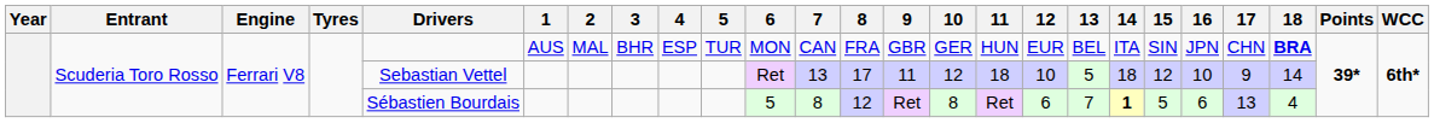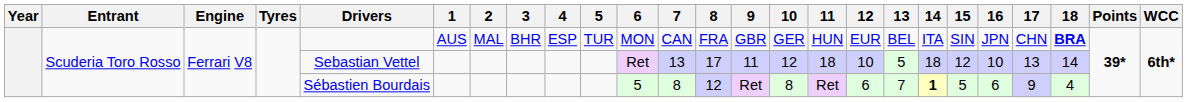 <table class="wikitable" style="text-align:center; font-size:95%">
 <tr>
 <th>Year</th>
 <th>Entrant</th>
 <th>Engine</th>
 <th>Tyres</th>
 <th>Drivers</th>
 <th>1</th>
 <th>2</th>
 <th>3</th>
 <th>4</th>
 <th>5</th>
 <th>6</th>
 <th>7</th>
 <th>8</th>
 <th>9</th>
 <th>10</th>
 <th>11</th>
 <th>12</th>
 <th>13</th>
 <th>14</th>
 <th>15</th>
 <th>16</th>
 <th>17</th>
 <th>18</th>
 <th>Points</th>
 <th>WCC</th>
 </tr>
 <tr>
 <th rowspan="3"></th>
 <td rowspan="3"><a href='#'>Scuderia Toro Rosso</a></td>
 <td rowspan="3"><a href='#'>Ferrari</a> <a href='#'>V8</a></td>
 <td rowspan="3"></td>
 <td></td>
 <td><a href='#'>AUS</a></td>
 <td><a href='#'>MAL</a></td>
 <td><a href='#'>BHR</a></td>
 <td><a href='#'>ESP</a></td>
 <td><a href='#'>TUR</a></td>
 <td><a href='#'>MON</a></td>
 <td><a href='#'>CAN</a></td>
 <td><a href='#'>FRA</a></td>
 <td><a href='#'>GBR</a></td>
 <td><a href='#'>GER</a></td>
 <td><a href='#'>HUN</a></td>
 <td><a href='#'>EUR</a></td>
 <td><a href='#'>BEL</a></td>
 <td><a href='#'>ITA</a></td>
 <td><a href='#'>SIN</a></td>
 <td><a href='#'>JPN</a></td>
 <td><a href='#'>CHN</a></td>
 <td><strong><a href='#'>BRA</a></strong></td>
 <td rowspan="3"><strong>39*</strong></td>
 <td rowspan="3"><strong>6th*</strong></td>
 </tr>
 <tr>
 <td> <a href='#'>Sebastian Vettel</a></td>
 <td></td>
 <td></td>
 <td></td>
 <td></td>
 <td></td>
 <td style="background:#EFCFFF;">Ret</td>
 <td style="background:#CFCFFF;">13</td>
 <td style="background:#CFCFFF;">17</td>
 <td style="background:#CFCFFF;">11</td>
 <td style="background:#CFCFFF;">12</td>
 <td style="background:#CFCFFF;">18</td>
 <td style="background:#CFCFFF;">10</td>
 <td style="background:#DFFFDF;">5</td>
 <td style="background:#CFCFFF;">18</td>
 <td style="background:#CFCFFF;">12</td>
 <td style="background:#CFCFFF;">10</td>
-<td style="background:#CFCFFF;">9</td>
+<td style="background:#CFCFFF;">13</td>
 <td style="background:#CFCFFF;">14</td>
 </tr>
 <tr>
 <td> <a href='#'>Sébastien Bourdais</a></td>
 <td></td>
 <td></td>
 <td></td>
 <td></td>
 <td></td>
 <td style="background:#DFFFDF;">5</td>
 <td style="background:#DFFFDF;">8</td>
 <td style="background:#CFCFFF;">12</td>
 <td style="background:#EFCFFF;">Ret</td>
 <td style="background:#DFFFDF;">8</td>
 <td style="background:#EFCFFF;">Ret</td>
 <td style="background:#DFFFDF;">6</td>
 <td style="background:#DFFFDF;">7</td>
 <td style="background:#FFFFBF;"><strong>1</strong></td>
 <td style="background:#DFFFDF;">5</td>
 <td style="background:#DFFFDF;">6</td>
-<td style="background:#CFCFFF;">13</td>
+<td style="background:#CFCFFF;">9</td>
 <td style="background:#DFFFDF;">4</td>
 </tr>
 </table>
